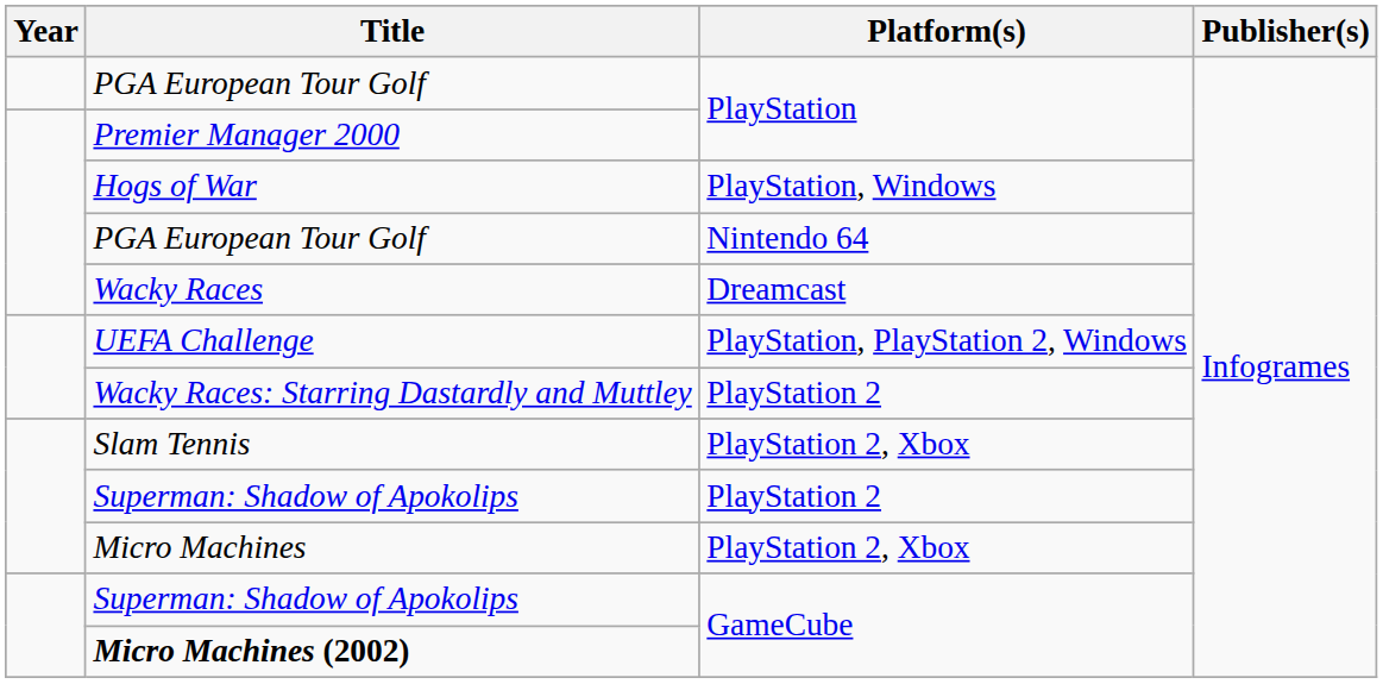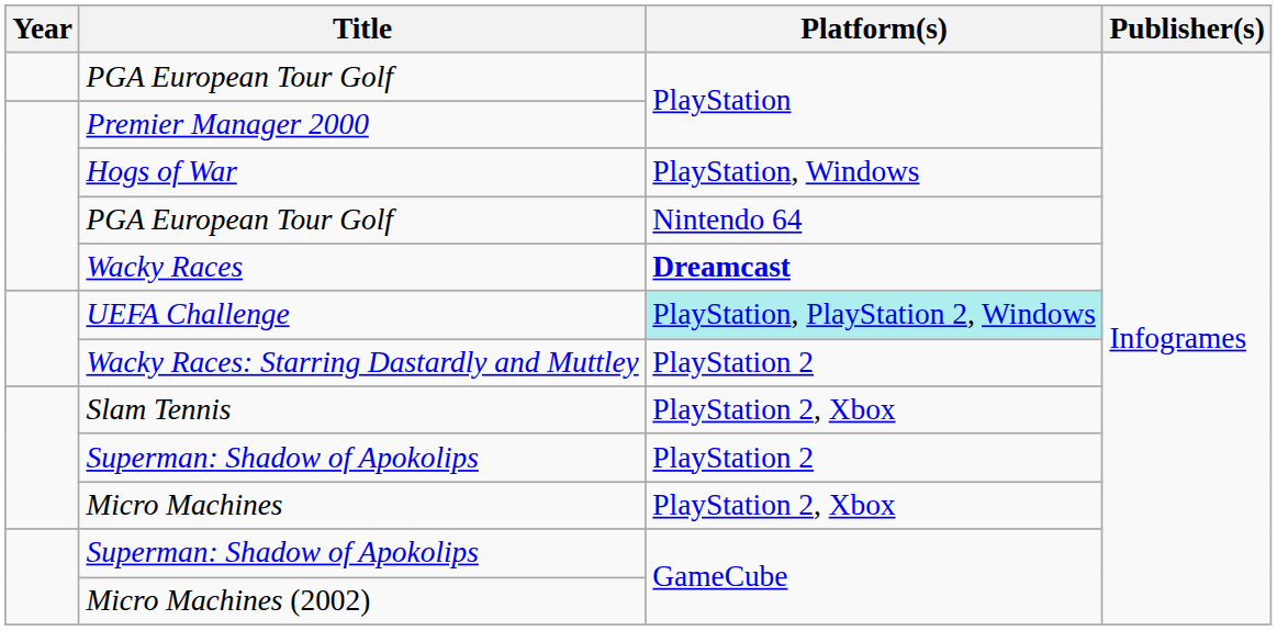 <table class="wikitable sortable">
 <tr>
 <th>Year</th>
 <th>Title</th>
 <th>Platform(s)</th>
 <th>Publisher(s)</th>
 </tr>
 <tr>
 <td></td>
 <td><em>PGA European Tour Golf</em></td>
 <td rowspan="2"><a href='#'>PlayStation</a></td>
 <td rowspan="12"><a href='#'>Infogrames</a></td>
 </tr>
 <tr>
 <td rowspan="4"></td>
 <td><em><a href='#'>Premier Manager 2000</a></em></td>
 </tr>
 <tr>
 <td><em><a href='#'>Hogs of War</a></em></td>
 <td><a href='#'>PlayStation</a>, <a href='#'>Windows</a></td>
 </tr>
 <tr>
 <td><em>PGA European Tour Golf</em></td>
 <td><a href='#'>Nintendo 64</a></td>
 </tr>
 <tr>
 <td><em><a href='#'>Wacky Races</a></em></td>
-<td><a href='#'>Dreamcast</a></td>
+<td><strong><a href='#'>Dreamcast</a></strong></td>
 </tr>
 <tr>
 <td rowspan="2"></td>
 <td><em><a href='#'>UEFA Challenge</a></em></td>
-<td><a href='#'>PlayStation</a>, <a href='#'>PlayStation 2</a>, <a href='#'>Windows</a></td>
+<td style="background: paleturquoise;"><a href='#'>PlayStation</a>, <a href='#'>PlayStation 2</a>, <a href='#'>Windows</a></td>
 </tr>
 <tr>
 <td><em><a href='#'>Wacky Races: Starring Dastardly and Muttley</a></em></td>
 <td><a href='#'>PlayStation 2</a></td>
 </tr>
 <tr>
 <td rowspan="3"></td>
 <td><em>Slam Tennis</em></td>
 <td><a href='#'>PlayStation 2</a>, <a href='#'>Xbox</a></td>
 </tr>
 <tr>
 <td><em><a href='#'>Superman: Shadow of Apokolips</a></em></td>
 <td><a href='#'>PlayStation 2</a></td>
 </tr>
 <tr>
 <td><em>Micro Machines</em></td>
 <td><a href='#'>PlayStation 2</a>, <a href='#'>Xbox</a></td>
 </tr>
 <tr>
 <td rowspan="2"></td>
 <td><em><a href='#'>Superman: Shadow of Apokolips</a></em></td>
 <td rowspan="2"><a href='#'>GameCube</a></td>
 </tr>
 <tr>
-<td><strong><em>Micro Machines</em> (2002)</strong></td>
+<td><em>Micro Machines</em> (2002)</td>
 </tr>
 </table>
